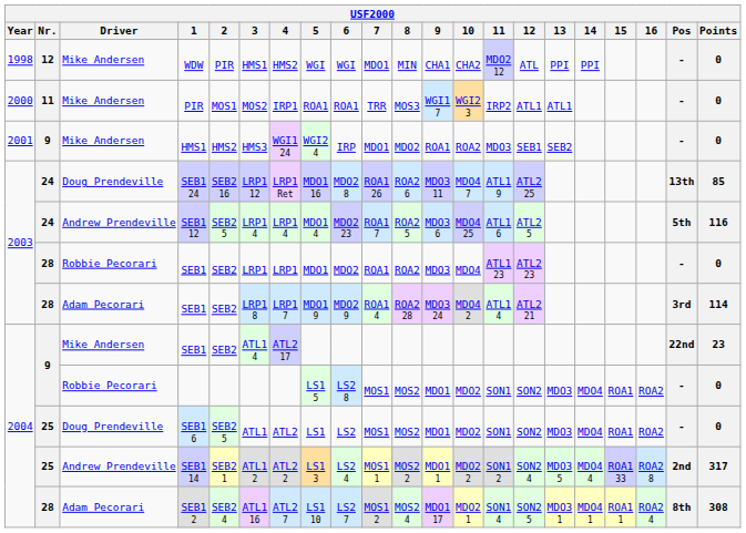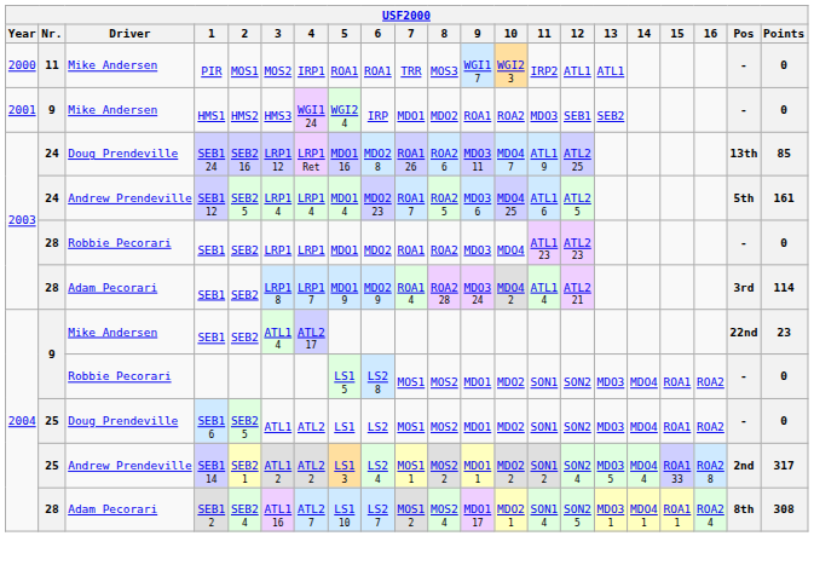 <table class="wikitable collapsible collapsed" style="text-align:center; font-size:75%">
 <tr>
 <th colspan=21><a href='#'>USF2000</a></th>
 </tr>
 <tr>
 <th>Year</th>
 <th>Nr.</th>
 <th>Driver</th>
 <th>1</th>
 <th>2</th>
 <th>3</th>
 <th>4</th>
 <th>5</th>
 <th>6</th>
 <th>7</th>
 <th>8</th>
 <th>9</th>
 <th>10</th>
 <th>11</th>
 <th>12</th>
 <th>13</th>
 <th>14</th>
 <th>15</th>
 <th>16</th>
 <th>Pos</th>
 <th>Points</th>
-</tr>
-<tr>
-<td><a href='#'>1998</a></td>
-<th>12</th>
-<td align=left> <a href='#'>Mike Andersen</a></td>
-<td><br><a href='#'>WDW</a></td>
-<td><br><a href='#'>PIR</a></td>
-<td><br><a href='#'>HMS1</a></td>
-<td><br><a href='#'>HMS2</a></td>
-<td><br><a href='#'>WGI</a></td>
-<td><br><a href='#'>WGI</a></td>
-<td><br><a href='#'>MDO1</a></td>
-<td><br><a href='#'>MIN</a></td>
-<td><br><a href='#'>CHA1</a></td>
-<td><br><a href='#'>CHA2</a></td>
-<td style="background-color:#CFCFFF"><br><a href='#'>MDO2</a><br><small>12</small></td>
-<td><br><a href='#'>ATL</a></td>
-<td><br><a href='#'>PPI</a></td>
-<td><br><a href='#'>PPI</a></td>
-<td></td>
-<td></td>
-<th>-</th>
-<th>0</th>
 </tr>
 <tr>
 <td><a href='#'>2000</a></td>
 <th>11</th>
 <td align=left> <a href='#'>Mike Andersen</a></td>
 <td><br><a href='#'>PIR</a></td>
 <td><br><a href='#'>MOS1</a></td>
 <td><br><a href='#'>MOS2</a></td>
 <td><br><a href='#'>IRP1</a></td>
 <td><br><a href='#'>ROA1</a></td>
 <td><br><a href='#'>ROA1</a></td>
 <td><br><a href='#'>TRR</a></td>
 <td><br><a href='#'>MOS3</a></td>
 <td style="background-color:#CFEAFF"><br><a href='#'>WGI1</a><br><small>7</small></td>
 <td style="background-color:#FFDF9F"><br><a href='#'>WGI2</a><br><small>3</small></td>
 <td><br><a href='#'>IRP2</a></td>
 <td><br><a href='#'>ATL1</a></td>
 <td><br><a href='#'>ATL1</a></td>
 <td></td>
 <td></td>
 <td></td>
 <th>-</th>
 <th>0</th>
 </tr>
 <tr>
 <td><a href='#'>2001</a></td>
 <th>9</th>
 <td align=left> <a href='#'>Mike Andersen</a></td>
 <td><br><a href='#'>HMS1</a></td>
 <td><br><a href='#'>HMS2</a></td>
 <td><br><a href='#'>HMS3</a></td>
 <td style="background-color:#EFCFFF"><br><a href='#'>WGI1</a><br><small>24</small></td>
 <td style="background-color:#DFFFDF"><br><a href='#'>WGI2</a><br><small>4</small></td>
 <td><br><a href='#'>IRP</a></td>
 <td><br><a href='#'>MDO1</a></td>
 <td><br><a href='#'>MDO2</a></td>
 <td><br><a href='#'>ROA1</a></td>
 <td><br><a href='#'>ROA2</a></td>
 <td><br><a href='#'>MDO3</a></td>
 <td><br><a href='#'>SEB1</a></td>
 <td><br><a href='#'>SEB2</a></td>
 <td></td>
 <td></td>
 <td></td>
 <th>-</th>
 <th>0</th>
 </tr>
 <tr>
 <td rowspan=4><a href='#'>2003</a></td>
 <th>24</th>
 <td align=left> <a href='#'>Doug Prendeville</a></td>
 <td style="background-color:#CFCFFF"><br><a href='#'>SEB1</a><br><small>24</small></td>
 <td style="background-color:#CFCFFF"><br><a href='#'>SEB2</a><br><small>16</small></td>
 <td style="background-color:#CFCFFF"><br><a href='#'>LRP1</a><br><small>12</small></td>
 <td style="background-color:#EFCFFF"><br><a href='#'>LRP1</a><br><small>Ret</small></td>
 <td style="background-color:#CFCFFF"><br><a href='#'>MDO1</a><br><small>16</small></td>
 <td style="background-color:#CFEAFF"><br><a href='#'>MDO2</a><br><small>8</small></td>
 <td style="background-color:#CFCFFF"><br><a href='#'>ROA1</a><br><small>26</small></td>
 <td style="background-color:#CFEAFF"><br><a href='#'>ROA2</a><br><small>6</small></td>
 <td style="background-color:#CFCFFF"><br><a href='#'>MDO3</a><br><small>11</small></td>
 <td style="background-color:#CFEAFF"><br><a href='#'>MDO4</a><br><small>7</small></td>
 <td style="background-color:#CFEAFF"><br><a href='#'>ATL1</a><br><small>9</small></td>
 <td style="background-color:#CFCFFF"><br><a href='#'>ATL2</a><br><small>25</small></td>
 <td></td>
 <td></td>
 <td></td>
 <td></td>
 <th>13th</th>
 <th>85</th>
 </tr>
 <tr>
 <th>24</th>
 <td align=left> <a href='#'>Andrew Prendeville</a></td>
 <td style="background-color:#CFCFFF"><br><a href='#'>SEB1</a><br><small>12</small></td>
 <td style="background-color:#DFFFDF"><br><a href='#'>SEB2</a><br><small>5</small></td>
 <td style="background-color:#DFFFDF"><br><a href='#'>LRP1</a><br><small>4</small></td>
 <td style="background-color:#DFFFDF"><br><a href='#'>LRP1</a><br><small>4</small></td>
 <td style="background-color:#DFFFDF"><br><a href='#'>MDO1</a><br><small>4</small></td>
 <td style="background-color:#CFCFFF"><br><a href='#'>MDO2</a><br><small>23</small></td>
 <td style="background-color:#CFEAFF"><br><a href='#'>ROA1</a><br><small>7</small></td>
 <td style="background-color:#DFFFDF"><br><a href='#'>ROA2</a><br><small>5</small></td>
 <td style="background-color:#CFEAFF"><br><a href='#'>MDO3</a><br><small>6</small></td>
 <td style="background-color:#CFCFFF"><br><a href='#'>MDO4</a><br><small>25</small></td>
 <td style="background-color:#CFEAFF"><br><a href='#'>ATL1</a><br><small>6</small></td>
 <td style="background-color:#DFFFDF"><br><a href='#'>ATL2</a><br><small>5</small></td>
 <td></td>
 <td></td>
 <td></td>
 <td></td>
 <th>5th</th>
-<th>116</th>
+<th>161</th>
 </tr>
 <tr>
 <th>28</th>
 <td align=left> <a href='#'>Robbie Pecorari</a></td>
 <td><br><a href='#'>SEB1</a></td>
 <td><br><a href='#'>SEB2</a></td>
 <td><br><a href='#'>LRP1</a></td>
 <td><br><a href='#'>LRP1</a></td>
 <td><br><a href='#'>MDO1</a></td>
 <td><br><a href='#'>MDO2</a></td>
 <td><br><a href='#'>ROA1</a></td>
 <td><br><a href='#'>ROA2</a></td>
 <td><br><a href='#'>MDO3</a></td>
 <td><br><a href='#'>MDO4</a></td>
 <td style="background-color:#EFCFFF"><br><a href='#'>ATL1</a><br><small>23</small></td>
 <td style="background-color:#EFCFFF"><br><a href='#'>ATL2</a><br><small>23</small></td>
 <td></td>
 <td></td>
 <td></td>
 <td></td>
 <th>-</th>
 <th>0</th>
 </tr>
 <tr>
 <th>28</th>
 <td align=left> <a href='#'>Adam Pecorari</a></td>
 <td><br><a href='#'>SEB1</a></td>
 <td><br><a href='#'>SEB2</a></td>
 <td style="background-color:#CFEAFF"><br><a href='#'>LRP1</a><br><small>8</small></td>
 <td style="background-color:#CFEAFF"><br><a href='#'>LRP1</a><br><small>7</small></td>
 <td style="background-color:#CFEAFF"><br><a href='#'>MDO1</a><br><small>9</small></td>
 <td style="background-color:#CFEAFF"><br><a href='#'>MDO2</a><br><small>9</small></td>
 <td style="background-color:#DFFFDF"><br><a href='#'>ROA1</a><br><small>4</small></td>
 <td style="background-color:#EFCFFF"><br><a href='#'>ROA2</a><br><small>28</small></td>
 <td style="background-color:#EFCFFF"><br><a href='#'>MDO3</a><br><small>24</small></td>
 <td style="background-color:#DFDFDF"><br><a href='#'>MDO4</a><br><small>2</small></td>
 <td style="background-color:#DFFFDF"><br><a href='#'>ATL1</a><br><small>4</small></td>
 <td style="background-color:#EFCFFF"><br><a href='#'>ATL2</a><br><small>21</small></td>
 <td></td>
 <td></td>
 <td></td>
 <td></td>
 <th>3rd</th>
 <th>114</th>
 </tr>
 <tr>
 <td rowspan=5><a href='#'>2004</a></td>
 <th rowspan=2>9</th>
 <td align=left> <a href='#'>Mike Andersen</a></td>
 <td><br><a href='#'>SEB1</a></td>
 <td><br><a href='#'>SEB2</a></td>
 <td style="background-color:#DFFFDF"><br><a href='#'>ATL1</a><br><small>4</small></td>
 <td style="background-color:#CFCFFF"><br><a href='#'>ATL2</a><br><small>17</small></td>
 <td></td>
 <td></td>
 <td></td>
 <td></td>
 <td></td>
 <td></td>
 <td></td>
 <td></td>
 <td></td>
 <td></td>
 <td></td>
 <td></td>
 <th>22nd</th>
 <th>23</th>
 </tr>
 <tr>
 <td align=left> <a href='#'>Robbie Pecorari</a></td>
 <td></td>
 <td></td>
 <td></td>
 <td></td>
 <td style="background-color:#DFFFDF"><br><a href='#'>LS1</a><br><small>5</small></td>
 <td style="background-color:#CFEAFF"><br><a href='#'>LS2</a><br><small>8</small></td>
 <td><br><a href='#'>MOS1</a></td>
 <td><br><a href='#'>MOS2</a></td>
 <td><br><a href='#'>MDO1</a></td>
 <td><br><a href='#'>MDO2</a></td>
 <td><br><a href='#'>SON1</a></td>
 <td><br><a href='#'>SON2</a></td>
 <td><br><a href='#'>MDO3</a></td>
 <td><br><a href='#'>MDO4</a></td>
 <td><br><a href='#'>ROA1</a></td>
 <td><br><a href='#'>ROA2</a></td>
 <th>-</th>
 <th>0</th>
 </tr>
 <tr>
 <th>25</th>
 <td align=left> <a href='#'>Doug Prendeville</a></td>
 <td style="background-color:#CFEAFF"><br><a href='#'>SEB1</a><br><small>6</small></td>
 <td style="background-color:#DFFFDF"><br><a href='#'>SEB2</a><br><small>5</small></td>
 <td><br><a href='#'>ATL1</a></td>
 <td><br><a href='#'>ATL2</a></td>
 <td><br><a href='#'>LS1</a></td>
 <td><br><a href='#'>LS2</a></td>
 <td><br><a href='#'>MOS1</a></td>
 <td><br><a href='#'>MOS2</a></td>
 <td><br><a href='#'>MDO1</a></td>
 <td><br><a href='#'>MDO2</a></td>
 <td><br><a href='#'>SON1</a></td>
 <td><br><a href='#'>SON2</a></td>
 <td><br><a href='#'>MDO3</a></td>
 <td><br><a href='#'>MDO4</a></td>
 <td><br><a href='#'>ROA1</a></td>
 <td><br><a href='#'>ROA2</a></td>
 <th>-</th>
 <th>0</th>
 </tr>
 <tr>
 <th>25</th>
 <td align=left> <a href='#'>Andrew Prendeville</a></td>
 <td style="background-color:#CFCFFF"><br><a href='#'>SEB1</a><br><small>14</small></td>
 <td style="background-color:#FFFFBF"><br><a href='#'>SEB2</a><br><small>1</small></td>
 <td style="background-color:#DFDFDF"><br><a href='#'>ATL1</a><br><small>2</small></td>
 <td style="background-color:#DFDFDF"><br><a href='#'>ATL2</a><br><small>2</small></td>
 <td style="background-color:#FFDF9F"><br><a href='#'>LS1</a><br><small>3</small></td>
 <td style="background-color:#DFFFDF"><br><a href='#'>LS2</a><br><small>4</small></td>
 <td style="background-color:#FFFFBF"><br><a href='#'>MOS1</a><br><small>1</small></td>
 <td style="background-color:#DFDFDF"><br><a href='#'>MOS2</a><br><small>2</small></td>
 <td style="background-color:#FFFFBF"><br><a href='#'>MDO1</a><br><small>1</small></td>
 <td style="background-color:#DFDFDF"><br><a href='#'>MDO2</a><br><small>2</small></td>
 <td style="background-color:#DFDFDF"><br><a href='#'>SON1</a><br><small>2</small></td>
 <td style="background-color:#DFFFDF"><br><a href='#'>SON2</a><br><small>4</small></td>
 <td style="background-color:#DFFFDF"><br><a href='#'>MDO3</a><br><small>5</small></td>
 <td style="background-color:#DFFFDF"><br><a href='#'>MDO4</a><br><small>4</small></td>
 <td style="background-color:#CFCFFF"><br><a href='#'>ROA1</a><br><small>33</small></td>
 <td style="background-color:#CFEAFF"><br><a href='#'>ROA2</a><br><small>8</small></td>
 <th>2nd</th>
 <th>317</th>
 </tr>
 <tr>
 <th>28</th>
 <td align=left> <a href='#'>Adam Pecorari</a></td>
 <td style="background-color:#DFDFDF"><br><a href='#'>SEB1</a><br><small>2</small></td>
 <td style="background-color:#DFFFDF"><br><a href='#'>SEB2</a><br><small>4</small></td>
 <td style="background-color:#EFCFFF"><br><a href='#'>ATL1</a><br><small>16</small></td>
 <td style="background-color:#CFEAFF"><br><a href='#'>ATL2</a><br><small>7</small></td>
 <td style="background-color:#CFEAFF"><br><a href='#'>LS1</a><br><small>10</small></td>
 <td style="background-color:#CFEAFF"><br><a href='#'>LS2</a><br><small>7</small></td>
 <td style="background-color:#DFDFDF"><br><a href='#'>MOS1</a><br><small>2</small></td>
 <td style="background-color:#DFFFDF"><br><a href='#'>MOS2</a><br><small>4</small></td>
 <td style="background-color:#EFCFFF"><br><a href='#'>MDO1</a><br><small>17</small></td>
 <td style="background-color:#FFFFBF"><br><a href='#'>MDO2</a><br><small>1</small></td>
 <td style="background-color:#DFFFDF"><br><a href='#'>SON1</a><br><small>4</small></td>
 <td style="background-color:#DFFFDF"><br><a href='#'>SON2</a><br><small>5</small></td>
 <td style="background-color:#FFFFBF"><br><a href='#'>MDO3</a><br><small>1</small></td>
 <td style="background-color:#FFFFBF"><br><a href='#'>MDO4</a><br><small>1</small></td>
 <td style="background-color:#FFFFBF"><br><a href='#'>ROA1</a><br><small>1</small></td>
 <td style="background-color:#DFFFDF"><br><a href='#'>ROA2</a><br><small>4</small></td>
 <th>8th</th>
 <th>308</th>
 </tr>
 </table>
